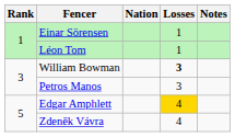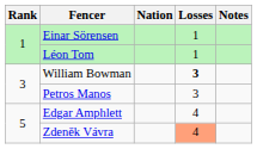 <table class="wikitable sortable" style="text-align:center">
 <tr>
 <th>Rank</th>
 <th>Fencer</th>
 <th>Nation</th>
 <th>Losses</th>
 <th>Notes</th>
 </tr>
 <tr bgcolor=bbf3bb>
 <td rowspan=2>1</td>
 <td align=left><a href='#'>Einar Sörensen</a></td>
 <td align=left></td>
 <td>1</td>
 <td></td>
 </tr>
 <tr bgcolor=bbf3bb>
 <td align=left><a href='#'>Léon Tom</a></td>
 <td align=left></td>
 <td>1</td>
 <td></td>
 </tr>
 <tr>
 <td rowspan=2>3</td>
 <td align=left>William Bowman</td>
 <td align=left></td>
 <td><strong>3</strong></td>
 <td></td>
 </tr>
 <tr>
 <td align=left><a href='#'>Petros Manos</a></td>
 <td align=left></td>
 <td>3</td>
 <td></td>
 </tr>
 <tr>
 <td rowspan=2>5</td>
 <td align=left><a href='#'>Edgar Amphlett</a></td>
 <td align=left></td>
-<td style="background: gold;">4</td>
+<td>4</td>
 <td></td>
 </tr>
 <tr>
 <td align=left><a href='#'>Zdeněk Vávra</a></td>
 <td align=left></td>
-<td>4</td>
+<td style="background: lightsalmon;">4</td>
 <td></td>
 </tr>
 </table>
